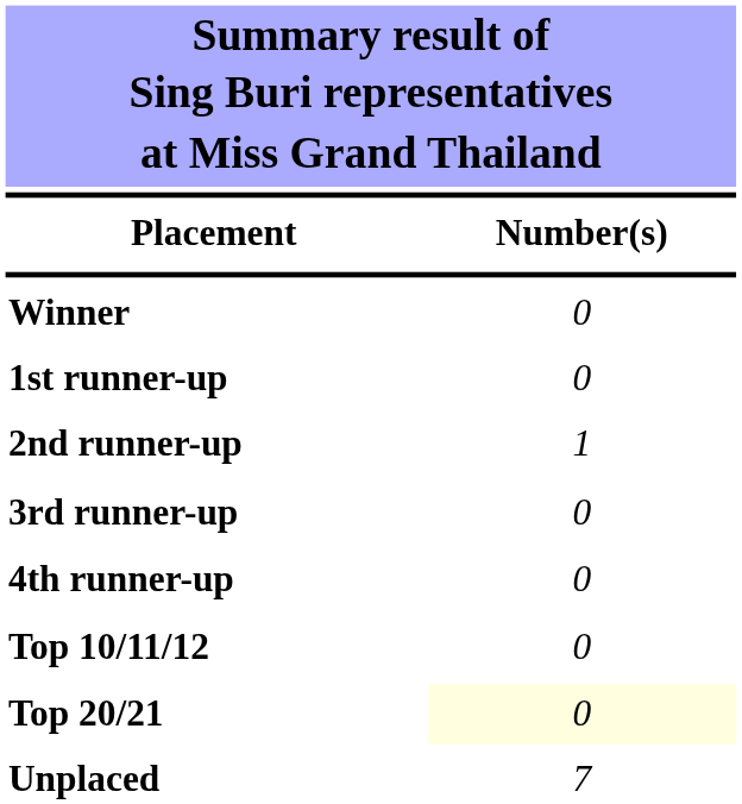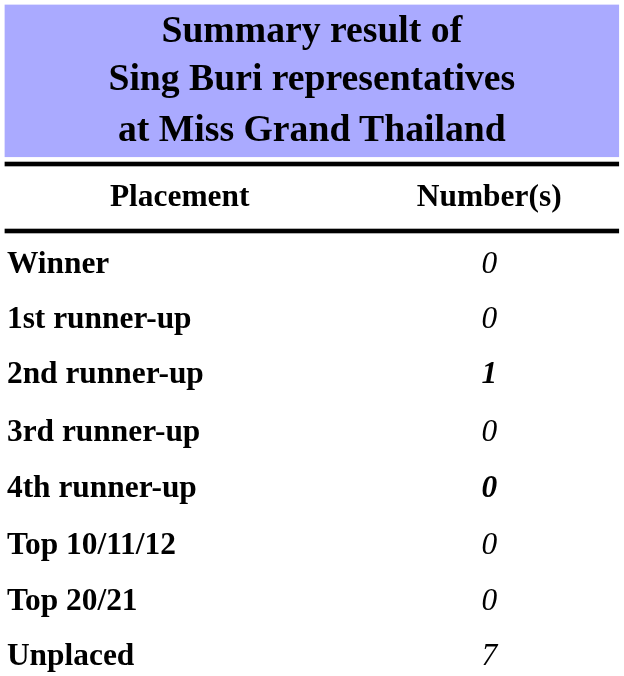 <table style="width: 270px; font-size:85%; line-height:1.5em;">
 <tr>
 <th colspan="2" align="center" style="background:#AAF;"><big>Summary result of<br>Sing Buri representatives<br>at Miss Grand Thailand</big></th>
 </tr>
 <tr>
 <td colspan="2" style="background:black"></td>
 </tr>
 <tr>
 <th scope="col">Placement</th>
 <th scope="col">Number(s)</th>
 </tr>
 <tr>
 <td colspan="2" style="background:black"></td>
 </tr>
 <tr>
 <td align="left"><strong>Winner</strong></td>
 <td align="center"><em>0</em></td>
 </tr>
 <tr>
 <td align="left"><strong>1st runner-up</strong></td>
 <td align="center"><em>0</em></td>
 </tr>
 <tr>
 <td align="left"><strong>2nd runner-up</strong></td>
-<td align="center"><em>1</em></td>
+<td align="center"><strong><em>1</em></strong></td>
 </tr>
 <tr>
 <td align="left"><strong>3rd runner-up</strong></td>
 <td align="center"><em>0</em></td>
 </tr>
 <tr>
 <td align="left"><strong>4th runner-up</strong></td>
-<td align="center"><em>0</em></td>
+<td align="center"><strong><em>0</em></strong></td>
 </tr>
 <tr>
 <td align="left"><strong>Top 10/11/12</strong></td>
 <td align="center"><em>0</em></td>
 </tr>
 <tr>
 <td align="left"><strong>Top 20/21</strong></td>
-<td align="center" style="background: lightyellow;"><em>0</em></td>
+<td align="center"><em>0</em></td>
 </tr>
 <tr>
 <td align="left"><strong>Unplaced</strong></td>
 <td align="center"><em>7</em></td>
 </tr>
 </table>
